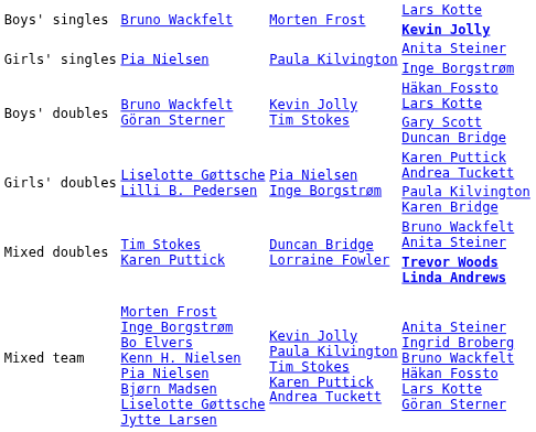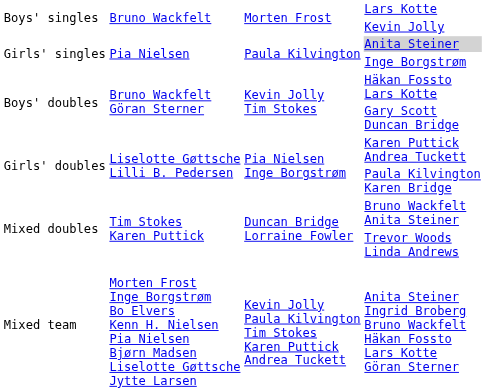 <table>
 <tr>
 <td rowspan=2>Boys' singles</td>
 <td rowspan=2> <a href='#'>Bruno Wackfelt</a></td>
 <td rowspan=2> <a href='#'>Morten Frost</a></td>
 <td> <a href='#'>Lars Kotte</a></td>
 </tr>
 <tr>
-<td><strong> <a href='#'>Kevin Jolly</a></strong></td>
+<td> <a href='#'>Kevin Jolly</a></td>
 </tr>
 <tr>
 <td rowspan=2>Girls' singles</td>
 <td rowspan=2> <a href='#'>Pia Nielsen</a></td>
 <td rowspan=2> <a href='#'>Paula Kilvington</a></td>
-<td> <a href='#'>Anita Steiner</a></td>
+<td style="background: lightgrey;"> <a href='#'>Anita Steiner</a></td>
 </tr>
 <tr>
 <td> <a href='#'>Inge Borgstrøm</a></td>
 </tr>
 <tr>
 <td rowspan=2>Boys' doubles</td>
 <td rowspan=2> <a href='#'>Bruno Wackfelt</a> <br>  <a href='#'>Göran Sterner</a></td>
 <td rowspan=2> <a href='#'>Kevin Jolly</a> <br>  <a href='#'>Tim Stokes</a></td>
 <td> <a href='#'>Häkan Fossto</a> <br>  <a href='#'>Lars Kotte</a></td>
 </tr>
 <tr>
 <td> <a href='#'>Gary Scott</a> <br>  <a href='#'>Duncan Bridge</a></td>
 </tr>
 <tr>
 <td rowspan=2>Girls' doubles</td>
 <td rowspan=2> <a href='#'>Liselotte Gøttsche</a> <br>  <a href='#'>Lilli B. Pedersen</a></td>
 <td rowspan=2> <a href='#'>Pia Nielsen</a> <br>  <a href='#'>Inge Borgstrøm</a></td>
 <td> <a href='#'>Karen Puttick</a> <br>  <a href='#'>Andrea Tuckett</a></td>
 </tr>
 <tr>
 <td> <a href='#'>Paula Kilvington</a> <br>  <a href='#'>Karen Bridge</a></td>
 </tr>
 <tr>
 <td rowspan=2>Mixed doubles</td>
 <td rowspan=2> <a href='#'>Tim Stokes</a> <br>  <a href='#'>Karen Puttick</a></td>
 <td rowspan=2> <a href='#'>Duncan Bridge</a> <br>  <a href='#'>Lorraine Fowler</a></td>
 <td> <a href='#'>Bruno Wackfelt</a> <br>  <a href='#'>Anita Steiner</a></td>
 </tr>
 <tr>
-<td><strong> <a href='#'>Trevor Woods</a> <br>  <a href='#'>Linda Andrews</a></strong></td>
+<td> <a href='#'>Trevor Woods</a> <br>  <a href='#'>Linda Andrews</a></td>
 </tr>
 <tr>
 <td>Mixed team</td>
 <td> <br> <a href='#'>Morten Frost</a> <br> <a href='#'>Inge Borgstrøm</a> <br> <a href='#'>Bo Elvers</a> <br> <a href='#'>Kenn H. Nielsen</a> <br> <a href='#'>Pia Nielsen</a> <br> <a href='#'>Bjørn Madsen</a> <br> <a href='#'>Liselotte Gøttsche</a> <br> <a href='#'>Jytte Larsen</a></td>
 <td> <br> <a href='#'>Kevin Jolly</a> <br> <a href='#'>Paula Kilvington</a> <br> <a href='#'>Tim Stokes</a> <br> <a href='#'>Karen Puttick</a> <br> <a href='#'>Andrea Tuckett</a></td>
 <td> <br> <a href='#'>Anita Steiner</a> <br> <a href='#'>Ingrid Broberg</a> <br> <a href='#'>Bruno Wackfelt</a> <br> <a href='#'>Häkan Fossto</a> <br> <a href='#'>Lars Kotte</a> <br> <a href='#'>Göran Sterner</a></td>
 </tr>
 </table>
